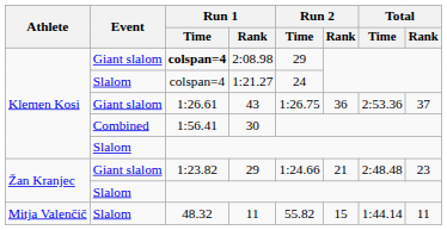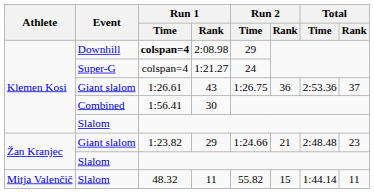 <table class="wikitable" style="font-size:90%">
 <tr>
 <th rowspan=2>Athlete</th>
 <th rowspan=2>Event</th>
 <th colspan=2>Run 1</th>
 <th colspan=2>Run 2</th>
 <th colspan=2>Total</th>
 </tr>
 <tr style="font-size:95%">
 <th>Time</th>
 <th>Rank</th>
 <th>Time</th>
 <th>Rank</th>
 <th>Time</th>
 <th>Rank</th>
 </tr>
 <tr align=center>
 <td style="text-align:left;" rowspan="5"><a href='#'>Klemen Kosi</a></td>
-<td align=left><a href='#'>Giant slalom</a></td>
+<td align=left><a href='#'>Downhill</a></td>
 <td><strong>colspan=4 </strong></td>
 <td>2:08.98</td>
 <td>29</td>
 </tr>
 <tr align=center>
-<td align=left><a href='#'>Slalom</a></td>
+<td align=left><a href='#'>Super-G</a></td>
 <td>colspan=4 </td>
 <td>1:21.27</td>
 <td>24</td>
 </tr>
 <tr align=center>
 <td align=left><a href='#'>Giant slalom</a></td>
 <td>1:26.61</td>
 <td>43</td>
 <td>1:26.75</td>
 <td>36</td>
 <td>2:53.36</td>
 <td>37</td>
 </tr>
 <tr align=center>
 <td align=left><a href='#'>Combined</a></td>
 <td>1:56.41</td>
 <td>30</td>
 <td colspan=4></td>
 </tr>
 <tr align=center>
 <td align=left><a href='#'>Slalom</a></td>
 <td colspan=6></td>
 </tr>
 <tr align=center>
 <td style="text-align:left;" rowspan="2"><a href='#'>Žan Kranjec</a></td>
 <td align=left><a href='#'>Giant slalom</a></td>
 <td>1:23.82</td>
 <td>29</td>
 <td>1:24.66</td>
 <td>21</td>
 <td>2:48.48</td>
 <td>23</td>
 </tr>
 <tr align=center>
 <td align=left><a href='#'>Slalom</a></td>
 <td colspan=6></td>
 </tr>
 <tr align=center>
 <td align=left><a href='#'>Mitja Valenčič</a></td>
 <td align=left><a href='#'>Slalom</a></td>
 <td>48.32</td>
 <td>11</td>
 <td>55.82</td>
 <td>15</td>
 <td>1:44.14</td>
 <td>11</td>
 </tr>
 </table>
